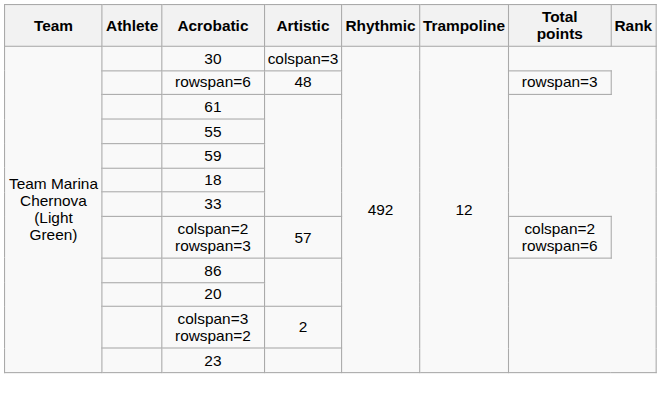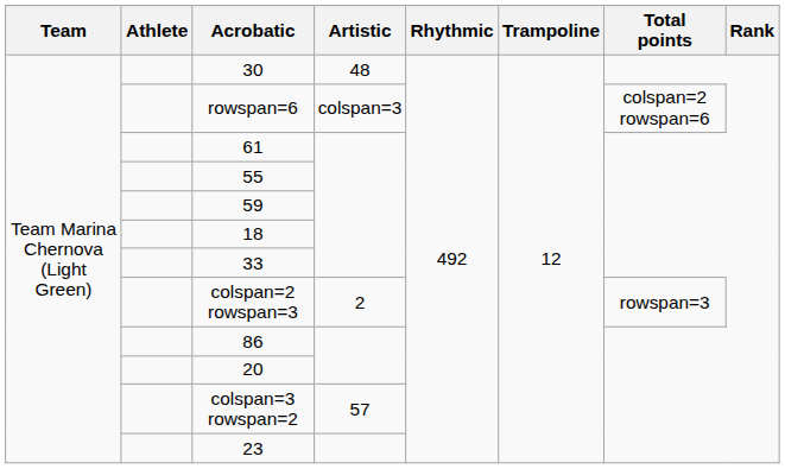 <table class="wikitable" style="text-align:center;font-size:90%">
 <tr>
 <th>Team</th>
 <th>Athlete</th>
 <th>Acrobatic</th>
 <th>Artistic</th>
 <th>Rhythmic</th>
 <th>Trampoline</th>
 <th>Total<br>points</th>
 <th>Rank</th>
 </tr>
 <tr>
 <td rowspan=12>Team Marina Chernova<br>(Light Green)</td>
 <td align=left><br></td>
 <td>30</td>
-<td>colspan=3 </td>
+<td>48</td>
 <td rowspan=12>492</td>
 <td rowspan=12>12</td>
 </tr>
 <tr>
 <td align=left></td>
 <td>rowspan=6 </td>
-<td>48</td>
-<td>rowspan=3 </td>
+<td>colspan=3 </td>
+<td>colspan=2 rowspan=6 </td>
 </tr>
 <tr>
 <td align=left></td>
 <td>61</td>
 </tr>
 <tr>
 <td align=left></td>
 <td>55</td>
 </tr>
 <tr>
 <td align=left></td>
 <td>59</td>
 </tr>
 <tr>
 <td align=left></td>
 <td>18</td>
 </tr>
 <tr>
 <td align=left></td>
 <td>33</td>
 </tr>
 <tr>
 <td align=left></td>
 <td>colspan=2 rowspan=3 </td>
-<td>57</td>
-<td>colspan=2 rowspan=6 </td>
+<td>2</td>
+<td>rowspan=3 </td>
 </tr>
 <tr>
 <td align=left></td>
 <td>86</td>
 </tr>
 <tr>
 <td align=left></td>
 <td>20</td>
 </tr>
 <tr>
 <td align=left></td>
 <td>colspan=3 rowspan=2 </td>
-<td>2</td>
+<td>57</td>
 </tr>
 <tr>
 <td align=left></td>
 <td>23</td>
 </tr>
 </table>
